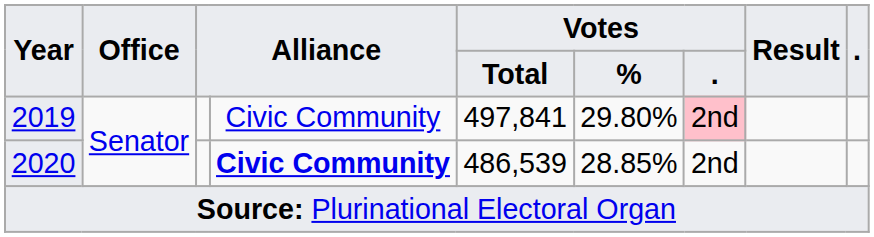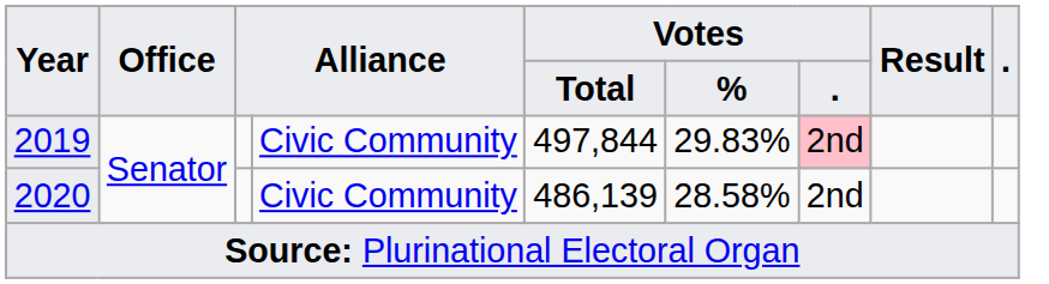 <table class="wikitable" style="font-size:90%; text-align:center;">
 <tr>
 <th style="background-color:#EAECF0;" rowspan=2>Year</th>
 <th style="background-color:#EAECF0;" rowspan=2>Office</th>
 <th style="background-color:#EAECF0;" colspan=2 rowspan=2>Alliance</th>
 <th style="background-color:#EAECF0;" colspan=3>Votes</th>
 <th style="background-color:#EAECF0;" rowspan=2>Result</th>
 <th style="background-color:#EAECF0;" rowspan=2>.</th>
 </tr>
 <tr>
 <th style="background-color:#EAECF0;">Total</th>
 <th style="background-color:#EAECF0;">%</th>
 <th style="background-color:#EAECF0;">.</th>
 </tr>
 <tr>
 <td style="background-color:#EAECF0;"><a href='#'>2019</a></td>
 <td rowspan=2><a href='#'>Senator</a></td>
 <td style="background-color:"></td>
 <td><a href='#'>Civic Community</a></td>
-<td>497,841</td>
-<td>29.80%</td>
+<td>497,844</td>
+<td>29.83%</td>
 <td style="background: pink;">2nd</td>
 <td></td>
 <td></td>
 </tr>
 <tr>
 <td style="background-color:#EAECF0;"><a href='#'>2020</a></td>
 <td style="background-color:"></td>
-<td><strong><a href='#'>Civic Community</a></strong></td>
-<td>486,539</td>
-<td>28.85%</td>
+<td><a href='#'>Civic Community</a></td>
+<td>486,139</td>
+<td>28.58%</td>
 <td>2nd</td>
 <td></td>
 <td></td>
 </tr>
 <tr>
 <td style="background-color:#EAECF0;" colspan=9><strong>Source:</strong> <a href='#'>Plurinational Electoral Organ</a>  </td>
 </tr>
 </table>
